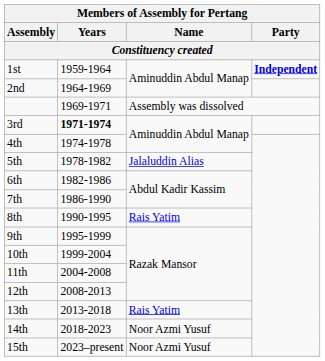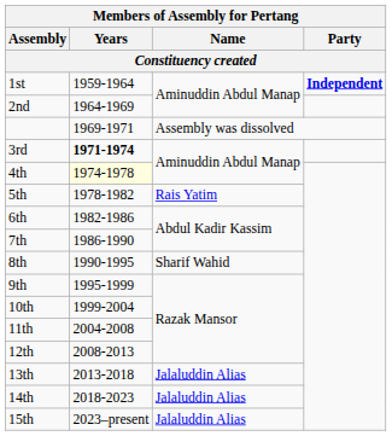 <table class="wikitable">
 <tr>
 <th colspan="4">Members of Assembly for Pertang</th>
 </tr>
 <tr>
 <th>Assembly</th>
 <th>Years</th>
 <th>Name</th>
 <th>Party</th>
 </tr>
 <tr>
 <th colspan="4"><em>Constituency created</em></th>
 </tr>
 <tr>
 <td>1st</td>
 <td>1959-1964</td>
 <td rowspan="2">Aminuddin Abdul Manap</td>
 <td><strong><a href='#'>Independent</a></strong></td>
 </tr>
 <tr>
 <td>2nd</td>
 <td>1964-1969</td>
 <td></td>
 </tr>
 <tr>
 <td></td>
 <td>1969-1971</td>
 <td colspan="2">Assembly was dissolved</td>
 </tr>
 <tr>
 <td>3rd</td>
 <td><strong>1971-1974</strong></td>
 <td rowspan="2">Aminuddin Abdul Manap</td>
 <td></td>
 </tr>
 <tr>
 <td>4th</td>
-<td>1974-1978</td>
+<td style="background: lightyellow;">1974-1978</td>
 <td rowspan="12"></td>
 </tr>
 <tr>
 <td>5th</td>
 <td>1978-1982</td>
-<td><a href='#'>Jalaluddin Alias</a></td>
+<td><a href='#'>Rais Yatim</a></td>
 </tr>
 <tr>
 <td>6th</td>
 <td>1982-1986</td>
 <td rowspan="2">Abdul Kadir Kassim</td>
 </tr>
 <tr>
 <td>7th</td>
 <td>1986-1990</td>
 </tr>
 <tr>
 <td>8th</td>
 <td>1990-1995</td>
-<td><a href='#'>Rais Yatim</a></td>
+<td>Sharif Wahid</td>
 </tr>
 <tr>
 <td>9th</td>
 <td>1995-1999</td>
 <td rowspan="4">Razak Mansor</td>
 </tr>
 <tr>
 <td>10th</td>
 <td>1999-2004</td>
 </tr>
 <tr>
 <td>11th</td>
 <td>2004-2008</td>
 </tr>
 <tr>
 <td>12th</td>
 <td>2008-2013</td>
 </tr>
 <tr>
 <td>13th</td>
 <td>2013-2018</td>
-<td><a href='#'>Rais Yatim</a></td>
+<td><a href='#'>Jalaluddin Alias</a></td>
 </tr>
 <tr>
 <td>14th</td>
 <td>2018-2023</td>
-<td>Noor Azmi Yusuf</td>
+<td><a href='#'>Jalaluddin Alias</a></td>
 </tr>
 <tr>
 <td>15th</td>
 <td>2023–present</td>
-<td>Noor Azmi Yusuf</td>
+<td><a href='#'>Jalaluddin Alias</a></td>
 </tr>
 </table>
